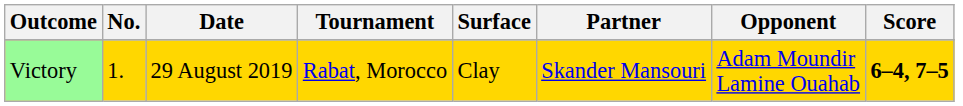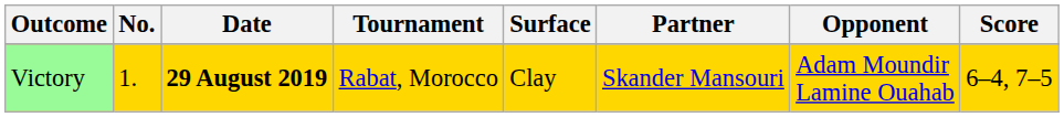 <table class=wikitable style=font-size:100%>
 <tr>
 <th>Outcome</th>
 <th>No.</th>
 <th>Date</th>
 <th>Tournament</th>
 <th>Surface</th>
 <th>Partner</th>
 <th>Opponent</th>
 <th>Score</th>
 </tr>
 <tr>
 </tr>
 <tr bgcolor=gold>
 <td bgcolor=98FB98>Victory</td>
 <td>1.</td>
-<td>29 August 2019</td>
+<td><strong>29 August 2019</strong></td>
 <td><a href='#'>Rabat</a>, Morocco</td>
 <td>Clay</td>
 <td> <a href='#'>Skander Mansouri</a></td>
 <td> <a href='#'>Adam Moundir</a><br> <a href='#'>Lamine Ouahab</a></td>
-<td><strong>6–4, 7–5</strong></td>
+<td>6–4, 7–5</td>
 </tr>
 </table>
